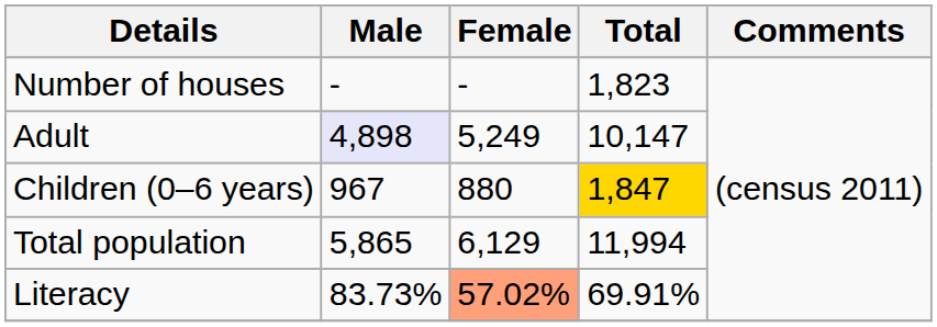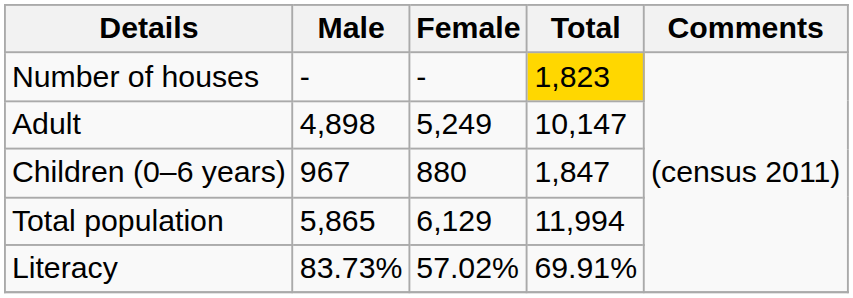 <table class="wikitable sortable">
 <tr>
 <th>Details</th>
 <th>Male</th>
 <th>Female</th>
 <th>Total</th>
 <th>Comments</th>
 </tr>
 <tr>
 <td>Number of houses</td>
 <td>-</td>
 <td>-</td>
-<td>1,823</td>
+<td style="background: gold;">1,823</td>
 <td rowspan="5">(census 2011) </td>
 </tr>
 <tr>
 <td>Adult</td>
-<td style="background: lavender;">4,898</td>
+<td>4,898</td>
 <td>5,249</td>
 <td>10,147</td>
 </tr>
 <tr>
 <td>Children (0–6 years)</td>
 <td>967</td>
 <td>880</td>
-<td style="background: gold;">1,847</td>
+<td>1,847</td>
 </tr>
 <tr>
 <td>Total population</td>
 <td>5,865</td>
 <td>6,129</td>
 <td>11,994</td>
 </tr>
 <tr>
 <td>Literacy</td>
 <td>83.73%</td>
-<td style="background: lightsalmon;">57.02%</td>
+<td>57.02%</td>
 <td>69.91%</td>
 </tr>
 <tr>
 </tr>
 </table>
